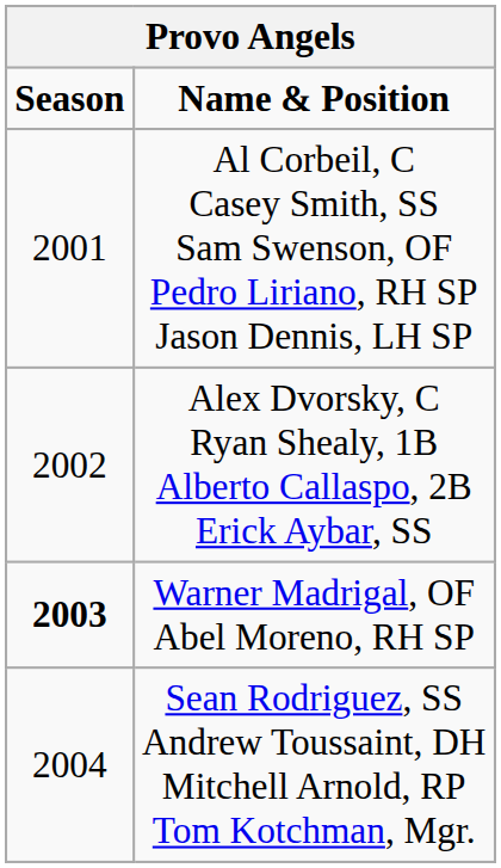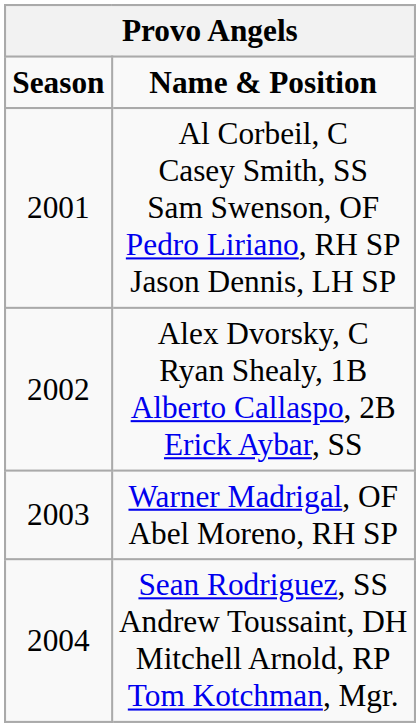 <table class="wikitable collapsible collapsed" style="text-align:center; font-size: 95%;">
 <tr>
 <th colspan=2>Provo Angels</th>
 </tr>
 <tr>
 <td><strong>Season</strong></td>
 <td><strong>Name & Position</strong></td>
 </tr>
 <tr>
 <td>2001</td>
 <td>Al Corbeil, C<br>Casey Smith, SS<br>Sam Swenson, OF<br><a href='#'>Pedro Liriano</a>, RH SP<br>Jason Dennis, LH SP</td>
 </tr>
 <tr>
 <td>2002</td>
 <td>Alex Dvorsky, C<br>Ryan Shealy, 1B<br><a href='#'>Alberto Callaspo</a>, 2B<br><a href='#'>Erick Aybar</a>, SS</td>
 </tr>
 <tr>
-<td><strong>2003</strong></td>
+<td>2003</td>
 <td><a href='#'>Warner Madrigal</a>, OF<br>Abel Moreno, RH SP</td>
 </tr>
 <tr>
 <td>2004</td>
 <td><a href='#'>Sean Rodriguez</a>, SS<br>Andrew Toussaint, DH<br>Mitchell Arnold, RP<br><a href='#'>Tom Kotchman</a>, Mgr.</td>
 </tr>
 </table>
